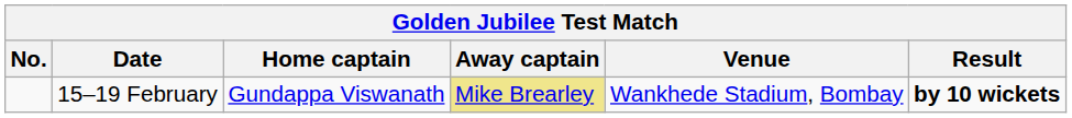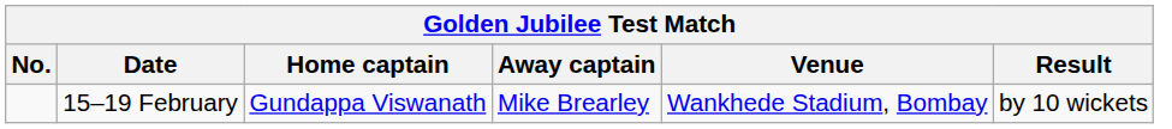 <table class="wikitable">
 <tr>
 <th colspan="9"><a href='#'>Golden Jubilee</a> Test Match</th>
 </tr>
 <tr>
 <th>No.</th>
 <th>Date</th>
 <th>Home captain</th>
 <th>Away captain</th>
 <th>Venue</th>
 <th>Result</th>
 </tr>
 <tr>
 <td></td>
 <td>15–19 February</td>
 <td><a href='#'>Gundappa Viswanath</a></td>
-<td style="background: khaki;"><a href='#'>Mike Brearley</a></td>
+<td><a href='#'>Mike Brearley</a></td>
 <td><a href='#'>Wankhede Stadium</a>, <a href='#'>Bombay</a></td>
-<td><strong> by 10 wickets</strong></td>
+<td> by 10 wickets</td>
 </tr>
 </table>
